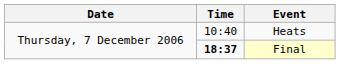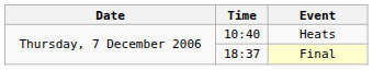 <table class = "wikitable" style="text-align:center;">
 <tr>
 <th width=220>Date</th>
 <th width=50>Time</th>
 <th width=100>Event</th>
 </tr>
 <tr>
 <td rowspan=2>Thursday, 7 December 2006</td>
 <td>10:40</td>
 <td>Heats</td>
 </tr>
 <tr>
-<td><strong>18:37</strong></td>
+<td>18:37</td>
 <td bgcolor=ffffcc>Final</td>
 </tr>
 </table>
